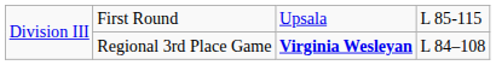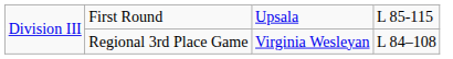 <table class="wikitable">
 <tr>
 <td rowspan="2"><a href='#'>Division III</a></td>
 <td>First Round</td>
 <td><a href='#'>Upsala</a></td>
 <td>L 85-115</td>
 </tr>
 <tr>
 <td>Regional 3rd Place Game</td>
-<td><strong><a href='#'>Virginia Wesleyan</a></strong></td>
+<td><a href='#'>Virginia Wesleyan</a></td>
 <td>L 84–108</td>
 </tr>
 </table>
